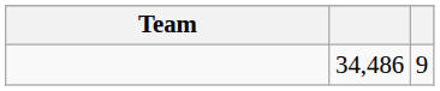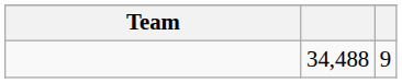 <table class="wikitable">
 <tr>
 </tr>
 <tr>
 <th width=200>Team</th>
 <th></th>
 <th></th>
 </tr>
 <tr>
 <td><strong></strong></td>
-<td align=right>34,486</td>
+<td align=right>34,488</td>
 <td align=center>9</td>
 </tr>
 </table>
